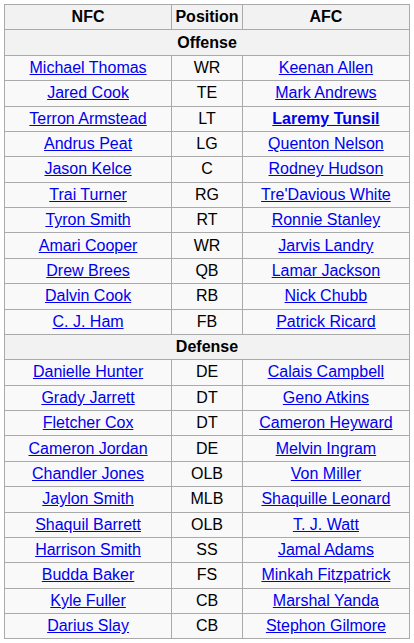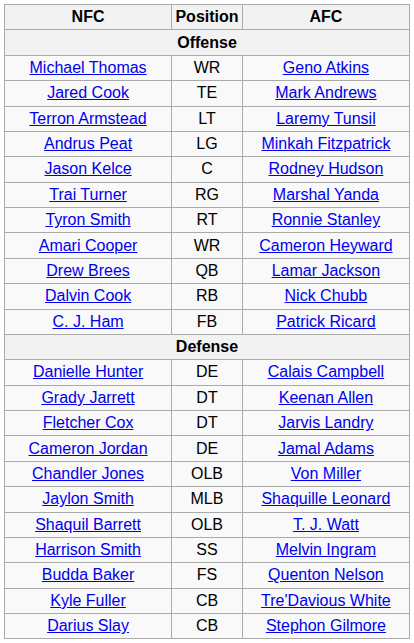 <table class="wikitable" style="text-align:center;margin:1em auto;">
 <tr>
 <th style="width:160px;">NFC</th>
 <th colspan="2">Position</th>
 <th style="width:160px;">AFC</th>
 </tr>
 <tr>
 <th colspan="4">Offense</th>
 </tr>
 <tr>
 <td><a href='#'>Michael Thomas</a></td>
 <td colspan="2">WR</td>
-<td><a href='#'>Keenan Allen</a></td>
+<td><a href='#'>Geno Atkins</a></td>
 </tr>
 <tr>
 <td><a href='#'>Jared Cook</a></td>
 <td colspan="2">TE</td>
 <td><a href='#'>Mark Andrews</a></td>
 </tr>
 <tr>
 <td><a href='#'>Terron Armstead</a></td>
 <td colspan="2">LT</td>
-<td><strong><a href='#'>Laremy Tunsil</a></strong></td>
+<td><a href='#'>Laremy Tunsil</a></td>
 </tr>
 <tr>
 <td><a href='#'>Andrus Peat</a></td>
 <td colspan="2">LG</td>
-<td><a href='#'>Quenton Nelson</a></td>
+<td><a href='#'>Minkah Fitzpatrick</a></td>
 </tr>
 <tr>
 <td><a href='#'>Jason Kelce</a></td>
 <td colspan="2">C</td>
 <td><a href='#'>Rodney Hudson</a></td>
 </tr>
 <tr>
 <td><a href='#'>Trai Turner</a></td>
 <td colspan="2">RG</td>
-<td><a href='#'>Tre'Davious White</a></td>
+<td><a href='#'>Marshal Yanda</a></td>
 </tr>
 <tr>
 <td><a href='#'>Tyron Smith</a></td>
 <td colspan="2">RT</td>
 <td><a href='#'>Ronnie Stanley</a></td>
 </tr>
 <tr>
 <td><a href='#'>Amari Cooper</a></td>
 <td colspan="2">WR</td>
-<td><a href='#'>Jarvis Landry</a></td>
+<td><a href='#'>Cameron Heyward</a></td>
 </tr>
 <tr>
 <td><a href='#'>Drew Brees</a></td>
 <td colspan="2">QB</td>
 <td><a href='#'>Lamar Jackson</a></td>
 </tr>
 <tr>
 <td><a href='#'>Dalvin Cook</a></td>
 <td colspan="2">RB</td>
 <td><a href='#'>Nick Chubb</a></td>
 </tr>
 <tr>
 <td><a href='#'>C. J. Ham</a></td>
 <td colspan="2">FB</td>
 <td><a href='#'>Patrick Ricard</a></td>
 </tr>
 <tr>
 <th colspan="4">Defense</th>
 </tr>
 <tr>
 <td><a href='#'>Danielle Hunter</a></td>
 <td colspan="2">DE</td>
 <td><a href='#'>Calais Campbell</a></td>
 </tr>
 <tr>
 <td><a href='#'>Grady Jarrett</a></td>
 <td colspan="2">DT</td>
-<td><a href='#'>Geno Atkins</a></td>
+<td><a href='#'>Keenan Allen</a></td>
 </tr>
 <tr>
 <td><a href='#'>Fletcher Cox</a></td>
 <td colspan="2">DT</td>
-<td><a href='#'>Cameron Heyward</a></td>
+<td><a href='#'>Jarvis Landry</a></td>
 </tr>
 <tr>
 <td><a href='#'>Cameron Jordan</a></td>
 <td colspan="2">DE</td>
-<td><a href='#'>Melvin Ingram</a></td>
+<td><a href='#'>Jamal Adams</a></td>
 </tr>
 <tr>
 <td><a href='#'>Chandler Jones</a></td>
 <td colspan="2">OLB</td>
 <td><a href='#'>Von Miller</a></td>
 </tr>
 <tr>
 <td><a href='#'>Jaylon Smith</a></td>
 <td colspan="2">MLB</td>
 <td><a href='#'>Shaquille Leonard</a></td>
 </tr>
 <tr>
 <td><a href='#'>Shaquil Barrett</a></td>
 <td colspan="2">OLB</td>
 <td><a href='#'>T. J. Watt</a></td>
 </tr>
 <tr>
 <td><a href='#'>Harrison Smith</a></td>
 <td colspan="2">SS</td>
-<td><a href='#'>Jamal Adams</a></td>
+<td><a href='#'>Melvin Ingram</a></td>
 </tr>
 <tr>
 <td><a href='#'>Budda Baker</a></td>
 <td colspan="2">FS</td>
-<td><a href='#'>Minkah Fitzpatrick</a></td>
+<td><a href='#'>Quenton Nelson</a></td>
 </tr>
 <tr>
 <td><a href='#'>Kyle Fuller</a></td>
 <td colspan="2">CB</td>
-<td><a href='#'>Marshal Yanda</a></td>
+<td><a href='#'>Tre'Davious White</a></td>
 </tr>
 <tr>
 <td><a href='#'>Darius Slay</a></td>
 <td colspan="2">CB</td>
 <td><a href='#'>Stephon Gilmore</a></td>
 </tr>
 </table>
